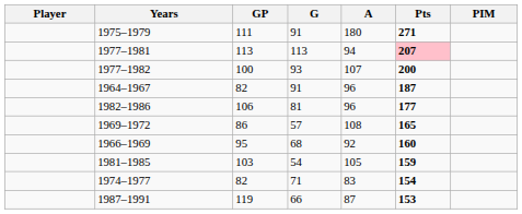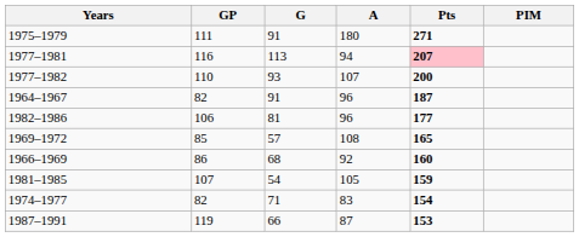 <table class="wikitable sortable" width ="700" cellpadding="1" border="1" cellspacing="0">
 <tr>
-<th>Player</th>
 <th>Years</th>
 <th>GP</th>
 <th>G</th>
 <th>A</th>
 <th>Pts</th>
 <th>PIM</th>
 </tr>
 <tr>
-<td></td>
 <td>1975–1979</td>
 <td>111</td>
 <td>91</td>
 <td>180</td>
 <td><strong>271</strong></td>
 <td></td>
 </tr>
 <tr>
-<td></td>
 <td>1977–1981</td>
-<td>113</td>
+<td>116</td>
 <td>113</td>
 <td>94</td>
 <td style="background: pink;"><strong>207</strong></td>
 <td></td>
 </tr>
 <tr>
-<td></td>
 <td>1977–1982</td>
-<td>100</td>
+<td>110</td>
 <td>93</td>
 <td>107</td>
 <td><strong>200</strong></td>
 <td></td>
 </tr>
 <tr>
-<td></td>
 <td>1964–1967</td>
 <td>82</td>
 <td>91</td>
 <td>96</td>
 <td><strong>187</strong></td>
 <td></td>
 </tr>
 <tr>
-<td></td>
 <td>1982–1986</td>
 <td>106</td>
 <td>81</td>
 <td>96</td>
 <td><strong>177</strong></td>
 <td></td>
 </tr>
 <tr>
-<td></td>
 <td>1969–1972</td>
-<td>86</td>
+<td>85</td>
 <td>57</td>
 <td>108</td>
 <td><strong>165</strong></td>
 <td></td>
 </tr>
 <tr>
-<td></td>
 <td>1966–1969</td>
-<td>95</td>
+<td>86</td>
 <td>68</td>
 <td>92</td>
 <td><strong>160</strong></td>
 <td></td>
 </tr>
 <tr>
-<td></td>
 <td>1981–1985</td>
-<td>103</td>
+<td>107</td>
 <td>54</td>
 <td>105</td>
 <td><strong>159</strong></td>
 <td></td>
 </tr>
 <tr>
-<td></td>
 <td>1974–1977</td>
 <td>82</td>
 <td>71</td>
 <td>83</td>
 <td><strong>154</strong></td>
 <td></td>
 </tr>
 <tr>
-<td></td>
 <td>1987–1991</td>
 <td>119</td>
 <td>66</td>
 <td>87</td>
 <td><strong>153</strong></td>
 <td></td>
 </tr>
 </table>
